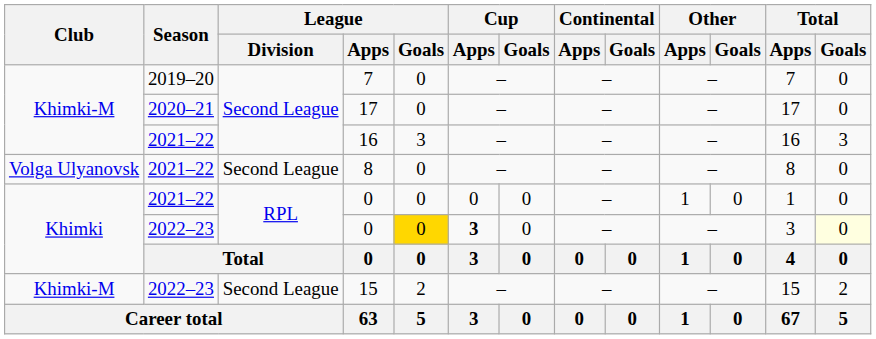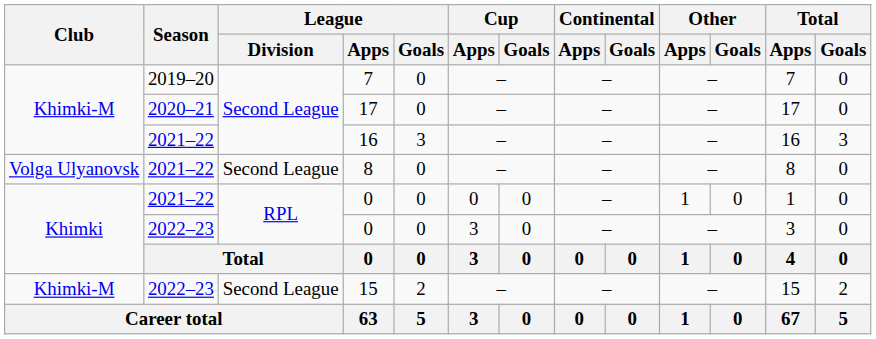 <table class="wikitable" style="text-align:center">
 <tr>
 <th rowspan="2">Club</th>
 <th rowspan="2">Season</th>
 <th colspan="3">League</th>
 <th colspan="2">Cup</th>
 <th colspan="2">Continental</th>
 <th colspan="2">Other</th>
 <th colspan="2">Total</th>
 </tr>
 <tr>
 <th>Division</th>
 <th>Apps</th>
 <th>Goals</th>
 <th>Apps</th>
 <th>Goals</th>
 <th>Apps</th>
 <th>Goals</th>
 <th>Apps</th>
 <th>Goals</th>
 <th>Apps</th>
 <th>Goals</th>
 </tr>
 <tr>
 <td rowspan="3"><a href='#'>Khimki-M</a></td>
 <td>2019–20</td>
 <td rowspan="3"><a href='#'>Second League</a></td>
 <td>7</td>
 <td>0</td>
 <td colspan="2">–</td>
 <td colspan="2">–</td>
 <td colspan="2">–</td>
 <td>7</td>
 <td>0</td>
 </tr>
 <tr>
 <td><a href='#'>2020–21</a></td>
 <td>17</td>
 <td>0</td>
 <td colspan="2">–</td>
 <td colspan="2">–</td>
 <td colspan="2">–</td>
 <td>17</td>
 <td>0</td>
 </tr>
 <tr>
 <td><a href='#'>2021–22</a></td>
 <td>16</td>
 <td>3</td>
 <td colspan="2">–</td>
 <td colspan="2">–</td>
 <td colspan="2">–</td>
 <td>16</td>
 <td>3</td>
 </tr>
 <tr>
 <td><a href='#'>Volga Ulyanovsk</a></td>
 <td><a href='#'>2021–22</a></td>
 <td>Second League</td>
 <td>8</td>
 <td>0</td>
 <td colspan="2">–</td>
 <td colspan="2">–</td>
 <td colspan="2">–</td>
 <td>8</td>
 <td>0</td>
 </tr>
 <tr>
 <td rowspan="3"><a href='#'>Khimki</a></td>
 <td><a href='#'>2021–22</a></td>
 <td rowspan="2"><a href='#'>RPL</a></td>
 <td>0</td>
 <td>0</td>
 <td>0</td>
 <td>0</td>
 <td colspan="2">–</td>
 <td>1</td>
 <td>0</td>
 <td>1</td>
 <td>0</td>
 </tr>
 <tr>
 <td><a href='#'>2022–23</a></td>
 <td>0</td>
-<td style="background: gold;">0</td>
-<td><strong>3</strong></td>
+<td>0</td>
+<td>3</td>
 <td>0</td>
 <td colspan="2">–</td>
 <td colspan="2">–</td>
 <td>3</td>
-<td style="background: lightyellow;">0</td>
+<td>0</td>
 </tr>
 <tr>
 <th colspan="2">Total</th>
 <th>0</th>
 <th>0</th>
 <th>3</th>
 <th>0</th>
 <th>0</th>
 <th>0</th>
 <th>1</th>
 <th>0</th>
 <th>4</th>
 <th>0</th>
 </tr>
 <tr>
 <td><a href='#'>Khimki-M</a></td>
 <td><a href='#'>2022–23</a></td>
 <td>Second League</td>
 <td>15</td>
 <td>2</td>
 <td colspan="2">–</td>
 <td colspan="2">–</td>
 <td colspan="2">–</td>
 <td>15</td>
 <td>2</td>
 </tr>
 <tr>
 <th colspan="3">Career total</th>
 <th>63</th>
 <th>5</th>
 <th>3</th>
 <th>0</th>
 <th>0</th>
 <th>0</th>
 <th>1</th>
 <th>0</th>
 <th>67</th>
 <th>5</th>
 </tr>
 </table>
